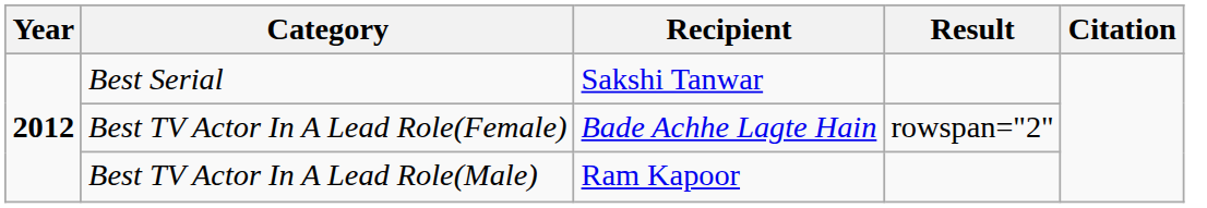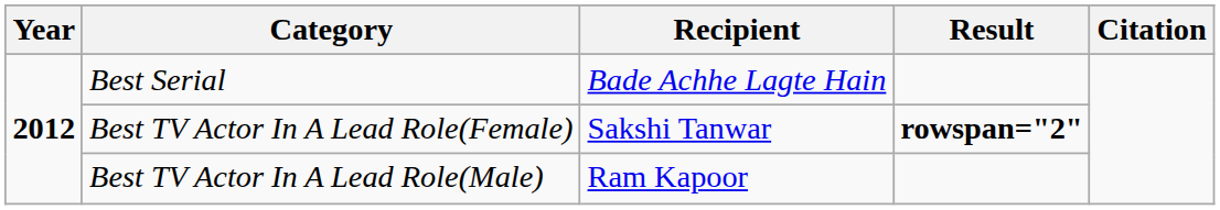 <table class="wikitable">
 <tr>
 <th>Year</th>
 <th>Category</th>
 <th>Recipient</th>
 <th>Result</th>
 <th>Citation</th>
 </tr>
 <tr>
 <td rowspan="3"><strong>2012</strong></td>
 <td><em>Best Serial</em></td>
-<td><a href='#'>Sakshi Tanwar</a></td>
+<td><em><a href='#'>Bade Achhe Lagte Hain</a></em></td>
 <td></td>
 <td rowspan="3"></td>
 </tr>
 <tr>
 <td><em>Best TV Actor In A Lead Role(Female)</em></td>
-<td><em><a href='#'>Bade Achhe Lagte Hain</a></em></td>
-<td>rowspan="2" </td>
+<td><a href='#'>Sakshi Tanwar</a></td>
+<td><strong>rowspan="2" </strong></td>
 </tr>
 <tr>
 <td><em>Best TV Actor In A Lead Role(Male)</em></td>
 <td><a href='#'>Ram Kapoor</a></td>
 </tr>
 </table>
